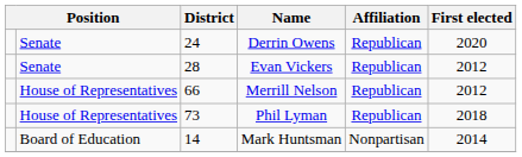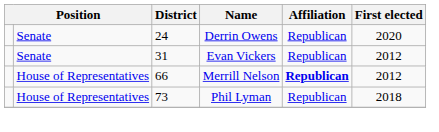 <table class="wikitable">
 <tr>
 <th colspan="2" style="text-align:center; vertical-align:bottom;">Position</th>
 <th>District</th>
 <th style="text-align:center;">Name</th>
 <th valign="bottom">Affiliation</th>
 <th style="vertical-align:bottom; text-align:center;">First elected</th>
 </tr>
 <tr>
 <td style="background-color:"> </td>
 <td><a href='#'>Senate</a></td>
 <td>24</td>
 <td style="text-align:center;"><a href='#'>Derrin Owens</a></td>
 <td style="text-align:center;"><a href='#'>Republican</a></td>
 <td style="text-align:center;">2020</td>
 </tr>
 <tr>
 <td style="background-color:"> </td>
 <td><a href='#'>Senate</a></td>
-<td>28</td>
+<td>31</td>
 <td style="text-align:center;"><a href='#'>Evan Vickers</a></td>
 <td style="text-align:center;"><a href='#'>Republican</a></td>
 <td style="text-align:center;">2012</td>
 </tr>
 <tr>
 <td style="background-color:"> </td>
 <td><a href='#'>House of Representatives</a></td>
 <td>66</td>
 <td style="text-align:center;"><a href='#'>Merrill Nelson</a></td>
-<td style="text-align:center;"><a href='#'>Republican</a></td>
+<td style="text-align:center;"><strong><a href='#'>Republican</a></strong></td>
 <td style="text-align:center;">2012</td>
 </tr>
 <tr>
 <td style="background-color:"> </td>
 <td><a href='#'>House of Representatives</a></td>
 <td>73</td>
 <td style="text-align:center;"><a href='#'>Phil Lyman</a></td>
 <td style="text-align:center;"><a href='#'>Republican</a></td>
 <td style="text-align:center;">2018</td>
 </tr>
 <tr>
-<td style="background-color: lightgrey}"> </td>
-<td>Board of Education</td>
-<td>14</td>
-<td style="text-align:center;">Mark Huntsman</td>
-<td style="text-align:center;">Nonpartisan</td>
-<td style="text-align:center;">2014</td>
-</tr>
-<tr>
 </tr>
 </table>
